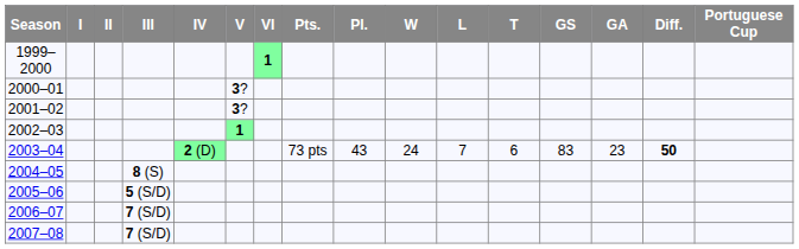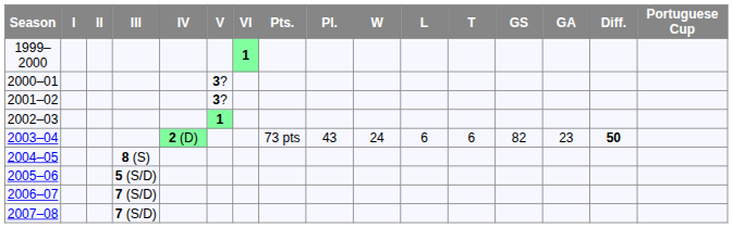 <table bgcolor="#f7f8ff" cellpadding="2" cellspacing="2" border="1" style="font-size: 95%; border: gray solid 1px; border-collapse: collapse; text-align:center">
 <tr bgcolor="#868686" style="color: #ffffff">
 <td width="60" align="center"><strong>Season</strong></td>
 <td width="25" align="center"><strong>I</strong></td>
 <td width="25" align="center"><strong>II</strong></td>
 <td width="50" align="center"><strong>III</strong></td>
 <td width="50" align="center"><strong>IV</strong></td>
 <td width="25" align="center"><strong>V</strong></td>
 <td width="25" align="center"><strong>VI</strong></td>
 <td width="50" align="center"><strong>Pts.</strong></td>
 <td width="50" align="center"><strong>Pl.</strong></td>
 <td width="50" align="center"><strong>W</strong></td>
 <td width="50" align="center"><strong>L</strong></td>
 <td width="50" align="center"><strong>T</strong></td>
 <td width="50" align="center"><strong>GS</strong></td>
 <td width="50" align="center"><strong>GA</strong></td>
 <td width="50" align="center"><strong>Diff.</strong></td>
 <td width="100" align="center"><strong>Portuguese Cup</strong></td>
 </tr>
 <tr>
 <td>1999–2000</td>
 <td></td>
 <td></td>
 <td></td>
 <td></td>
 <td></td>
 <td bgcolor="#80FF9F"><strong>1</strong></td>
 <td></td>
 <td></td>
 <td></td>
 <td></td>
 <td></td>
 <td></td>
 <td></td>
 <td></td>
 <td></td>
 </tr>
 <tr>
 <td>2000–01</td>
 <td></td>
 <td></td>
 <td></td>
 <td></td>
 <td><strong>3</strong>?</td>
 <td></td>
 <td></td>
 <td></td>
 <td></td>
 <td></td>
 <td></td>
 <td></td>
 <td></td>
 <td></td>
 <td></td>
 </tr>
 <tr>
 <td>2001–02</td>
 <td></td>
 <td></td>
 <td></td>
 <td></td>
 <td><strong>3</strong>?</td>
 <td></td>
 <td></td>
 <td></td>
 <td></td>
 <td></td>
 <td></td>
 <td></td>
 <td></td>
 <td></td>
 <td></td>
 </tr>
 <tr>
 <td>2002–03</td>
 <td></td>
 <td></td>
 <td></td>
 <td></td>
 <td bgcolor="#80FF9F"><strong>1</strong></td>
 <td></td>
 <td></td>
 <td></td>
 <td></td>
 <td></td>
 <td></td>
 <td></td>
 <td></td>
 <td></td>
 <td></td>
 </tr>
 <tr>
 <td><a href='#'>2003–04</a></td>
 <td></td>
 <td></td>
 <td></td>
 <td bgcolor="#80FF9F"><strong>2</strong> (D)</td>
 <td></td>
 <td></td>
 <td>73 pts</td>
 <td>43</td>
 <td>24</td>
-<td>7</td>
 <td>6</td>
-<td>83</td>
+<td>6</td>
+<td>82</td>
 <td>23</td>
 <td><strong>50</strong></td>
 <td></td>
 </tr>
 <tr>
 <td><a href='#'>2004–05</a></td>
 <td></td>
 <td></td>
 <td><strong>8</strong> (S)</td>
 <td></td>
 <td></td>
 <td></td>
 <td></td>
 <td></td>
 <td></td>
 <td></td>
 <td></td>
 <td></td>
 <td></td>
 <td></td>
 <td></td>
 </tr>
 <tr>
 <td><a href='#'>2005–06</a></td>
 <td></td>
 <td></td>
 <td><strong>5</strong> (S/D)</td>
 <td></td>
 <td></td>
 <td></td>
 <td></td>
 <td></td>
 <td></td>
 <td></td>
 <td></td>
 <td></td>
 <td></td>
 <td></td>
 <td></td>
 </tr>
 <tr>
 <td><a href='#'>2006–07</a></td>
 <td></td>
 <td></td>
 <td><strong>7</strong> (S/D)</td>
 <td></td>
 <td></td>
 <td></td>
 <td></td>
 <td></td>
 <td></td>
 <td></td>
 <td></td>
 <td></td>
 <td></td>
 <td></td>
 <td></td>
 </tr>
 <tr>
 <td><a href='#'>2007–08</a></td>
 <td></td>
 <td></td>
 <td><strong>7</strong> (S/D)</td>
 <td></td>
 <td></td>
 <td></td>
 <td></td>
 <td></td>
 <td></td>
 <td></td>
 <td></td>
 <td></td>
 <td></td>
 <td></td>
 <td></td>
 </tr>
 </table>
